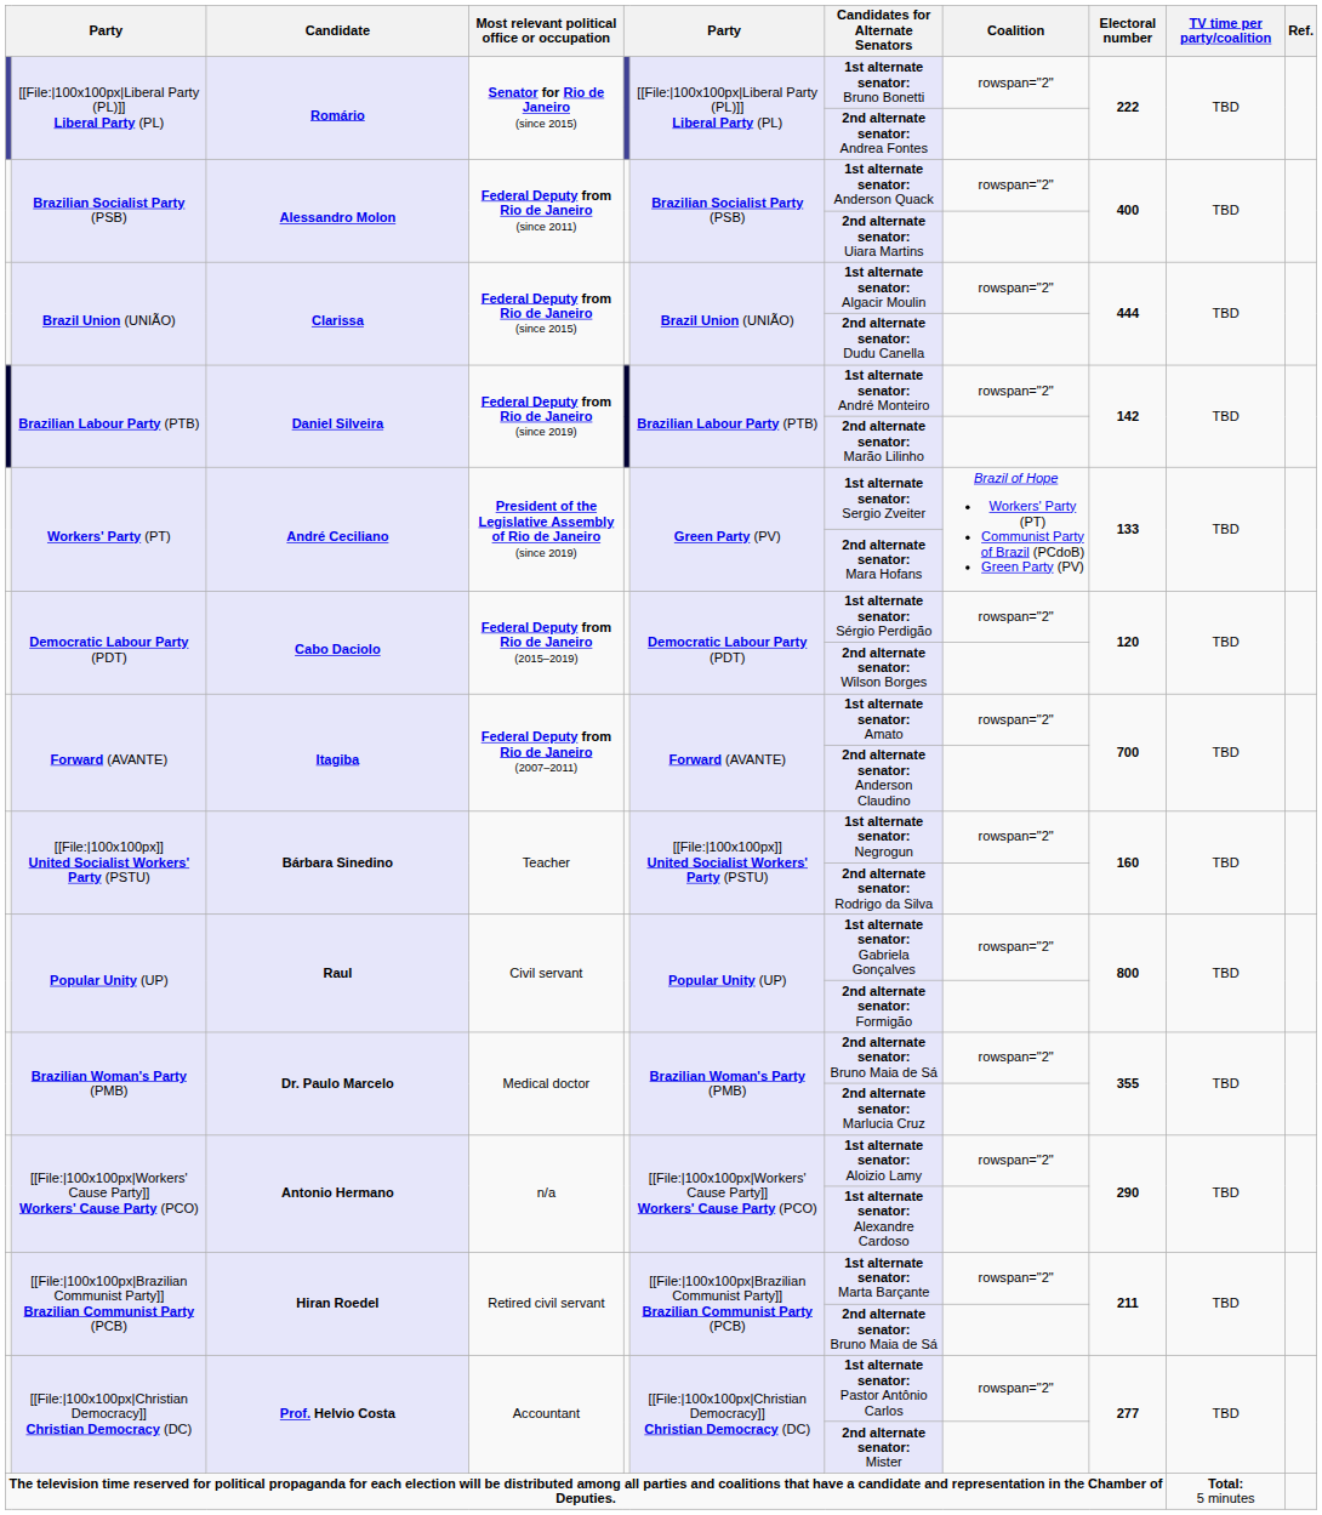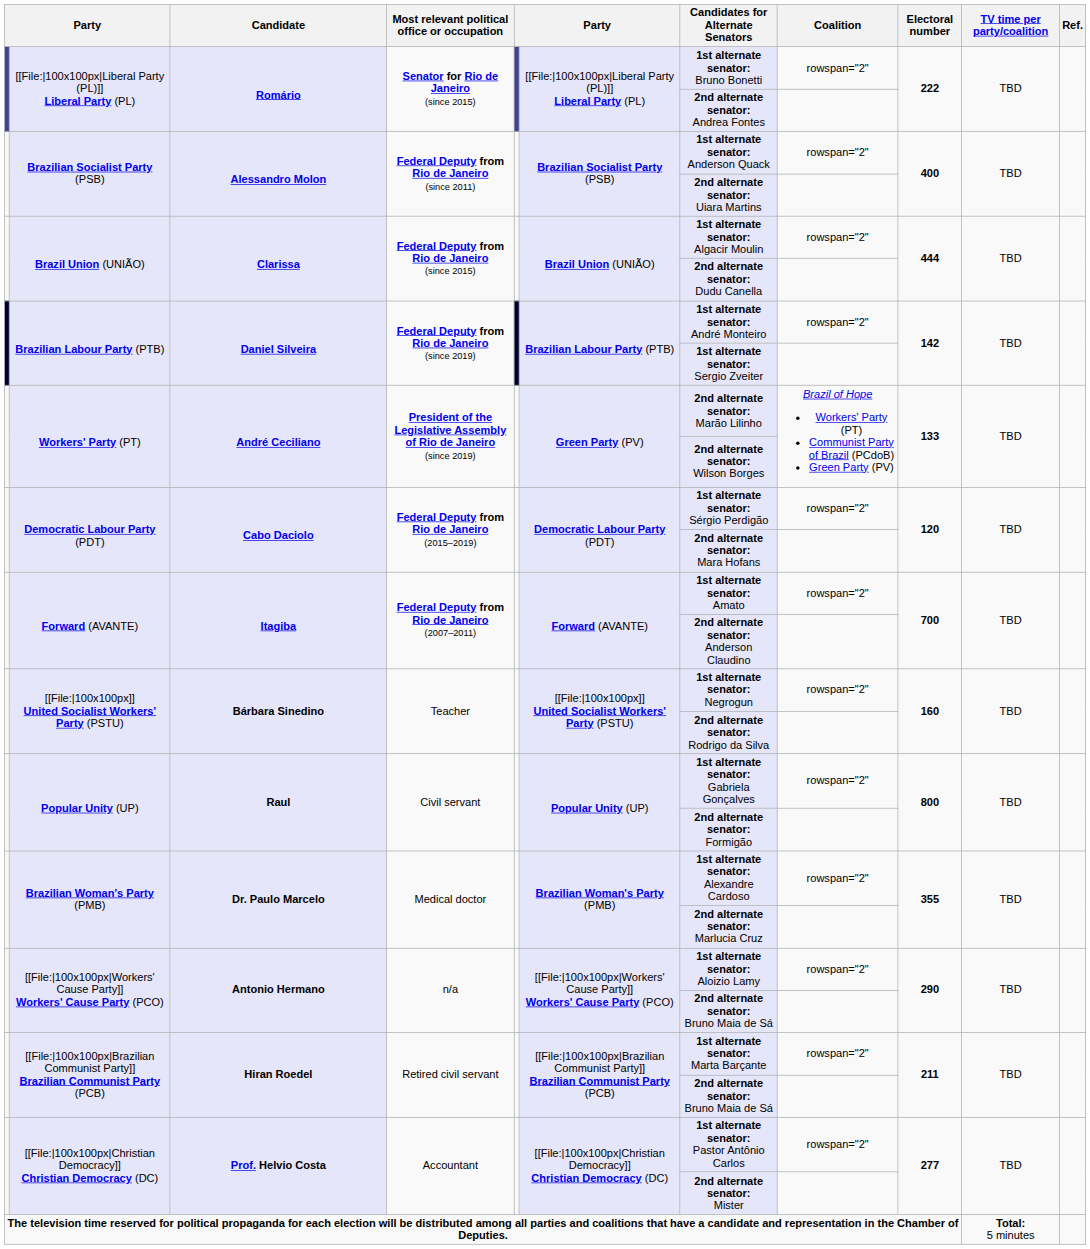 <table class="wikitable" style="text-align:center;">
 <tr>
 <th colspan="2">Party</th>
 <th style="width:20%;">Candidate</th>
 <th>Most relevant political office or occupation</th>
 <th colspan="2">Party</th>
 <th>Candidates for Alternate Senators</th>
 <th>Coalition</th>
 <th>Electoral number</th>
 <th><a href='#'>TV time per party/coalition</a></th>
 <th>Ref.</th>
 </tr>
 <tr>
 <td rowspan="2" style="background-color:#3f4196;"></td>
 <td rowspan="2" style="background:lavender;">[[File:|100x100px|Liberal Party (PL)]]<br><strong><a href='#'>Liberal Party</a></strong> (PL)</td>
 <td rowspan="2" style="background:lavender;"><br><strong><a href='#'>Romário</a></strong></td>
 <td rowspan="2"><strong><a href='#'>Senator</a> for <a href='#'>Rio de Janeiro</a></strong><br><small>(since 2015)</small></td>
 <td rowspan="2" style="background-color:#3f4196;"></td>
 <td rowspan="2" style="background:lavender;">[[File:|100x100px|Liberal Party (PL)]]<br><strong><a href='#'>Liberal Party</a></strong> (PL)</td>
 <td style="background:lavender;"><strong>1st alternate senator:</strong><br>Bruno Bonetti</td>
 <td>rowspan="2" </td>
 <td rowspan="2"><strong>222</strong></td>
 <td rowspan="2">TBD</td>
 <td rowspan="2"></td>
 </tr>
 <tr>
 <td style="background:lavender;"><strong>2nd alternate senator:</strong><br>Andrea Fontes</td>
 </tr>
 <tr>
 <td rowspan="2" style="background-color:"></td>
 <td rowspan="2" style="background:lavender;"><strong><a href='#'>Brazilian Socialist Party</a></strong> (PSB)</td>
 <td rowspan="2" style="background:lavender;"><br><strong><a href='#'>Alessandro Molon</a></strong></td>
 <td rowspan="2"><strong><a href='#'>Federal Deputy</a> from <a href='#'>Rio de Janeiro</a></strong><br><small>(since 2011)</small></td>
 <td rowspan="2" style="background-color:"></td>
 <td rowspan="2" style="background:lavender;"><strong><a href='#'>Brazilian Socialist Party</a></strong> (PSB)</td>
 <td style="background:lavender;"><strong>1st alternate senator:</strong><br>Anderson Quack</td>
 <td>rowspan="2" </td>
 <td rowspan="2"><strong>400</strong></td>
 <td rowspan="2">TBD</td>
 <td rowspan="2"></td>
 </tr>
 <tr>
 <td style="background:lavender;"><strong>2nd alternate senator:</strong><br>Uiara Martins</td>
 </tr>
 <tr>
 <td rowspan="2" style="background-color:"></td>
 <td rowspan="2" style="background:lavender;"><strong><br><a href='#'>Brazil Union</a></strong> (UNIÃO)</td>
 <td rowspan="2" style="background:lavender;"><br><strong><a href='#'>Clarissa</a></strong></td>
 <td rowspan="2"><strong><a href='#'>Federal Deputy</a> from <a href='#'>Rio de Janeiro</a></strong><br><small>(since 2015)</small></td>
 <td rowspan="2" style="background-color:"></td>
 <td rowspan="2" style="background:lavender;"><strong><br><a href='#'>Brazil Union</a></strong> (UNIÃO)</td>
 <td style="background:lavender;"><strong>1st alternate senator:</strong><br>Algacir Moulin</td>
 <td>rowspan="2" </td>
 <td rowspan="2"><strong>444</strong></td>
 <td rowspan="2">TBD</td>
 <td rowspan="2"></td>
 </tr>
 <tr>
 <td style="background:lavender;"><strong>2nd alternate senator:</strong><br>Dudu Canella</td>
 </tr>
 <tr>
 <td rowspan="2" style="background-color:#003"></td>
 <td rowspan="2" style="background:lavender;"><br><strong><a href='#'>Brazilian Labour Party</a></strong> (PTB)</td>
 <td rowspan="2" style="background:lavender;"><br><strong><a href='#'>Daniel Silveira</a></strong></td>
 <td rowspan="2"><strong><a href='#'>Federal Deputy</a> from <a href='#'>Rio de Janeiro</a></strong><br><small>(since 2019)</small></td>
 <td rowspan="2" style="background-color:#003"></td>
 <td rowspan="2" style="background:lavender;"><br><strong><a href='#'>Brazilian Labour Party</a></strong> (PTB)</td>
 <td style="background:lavender;"><strong>1st alternate senator:</strong><br>André Monteiro</td>
 <td>rowspan="2" </td>
 <td rowspan="2"><strong>142</strong></td>
 <td rowspan="2">TBD</td>
 <td rowspan="2"></td>
 </tr>
 <tr>
-<td style="background:lavender;"><strong>2nd alternate senator:</strong><br>Marão Lilinho</td>
+<td style="background:lavender;"><strong>1st alternate senator:</strong><br>Sergio Zveiter</td>
 </tr>
 <tr>
 <td rowspan="2" style="background-color:"></td>
 <td rowspan="2" style="background:lavender;"><br><strong><a href='#'>Workers' Party</a></strong> (PT)</td>
 <td rowspan="2" style="background:lavender;"><br><strong><a href='#'>André Ceciliano</a></strong></td>
 <td rowspan="2"><strong><a href='#'>President of the Legislative Assembly of Rio de Janeiro</a></strong><br><small>(since 2019)</small></td>
 <td rowspan="2" style="background-color:"></td>
 <td rowspan="2" style="background:lavender;"><br><strong><a href='#'>Green Party</a></strong> (PV)</td>
-<td style="background:lavender;"><strong>1st alternate senator:</strong><br>Sergio Zveiter</td>
+<td style="background:lavender;"><strong>2nd alternate senator:</strong><br>Marão Lilinho</td>
 <td rowspan="2"><em><a href='#'>Brazil of Hope</a></em><br><ul><li><a href='#'>Workers' Party</a> (PT)</li><li><a href='#'>Communist Party of Brazil</a> (PCdoB)</li><li><a href='#'>Green Party</a> (PV)</li></ul></td>
 <td rowspan="2"><strong>133</strong></td>
 <td rowspan="2">TBD</td>
 <td rowspan="2"></td>
 </tr>
 <tr>
-<td style="background:lavender;"><strong>2nd alternate senator:</strong> <br>Mara Hofans</td>
+<td style="background:lavender;"><strong>2nd alternate senator:</strong><br>Wilson Borges</td>
 </tr>
 <tr>
 <td rowspan="2" style="background-color:"></td>
 <td rowspan="2" style="background:lavender;"><br><strong><a href='#'>Democratic Labour Party</a></strong> (PDT)</td>
 <td rowspan="2" style="background:lavender;"><br><strong><a href='#'>Cabo Daciolo</a></strong></td>
 <td rowspan="2"><strong><a href='#'>Federal Deputy</a> from <a href='#'>Rio de Janeiro</a></strong><br><small>(2015–2019)</small></td>
 <td rowspan="2" style="background-color:"></td>
 <td rowspan="2" style="background:lavender;"><br><strong><a href='#'>Democratic Labour Party</a></strong> (PDT)</td>
 <td style="background:lavender;"><strong>1st alternate senator:</strong><br>Sérgio Perdigão</td>
 <td>rowspan="2" </td>
 <td rowspan="2"><strong>120</strong></td>
 <td rowspan="2">TBD</td>
 <td rowspan="2"></td>
 </tr>
 <tr>
-<td style="background:lavender;"><strong>2nd alternate senator:</strong><br>Wilson Borges</td>
+<td style="background:lavender;"><strong>2nd alternate senator:</strong> <br>Mara Hofans</td>
 </tr>
 <tr>
 <td rowspan="2" style="background-color:"></td>
 <td rowspan="2" style="background:lavender;"><br><strong><a href='#'>Forward</a></strong> (AVANTE)</td>
 <td rowspan="2" style="background:lavender;"><br><strong><a href='#'>Itagiba</a></strong></td>
 <td rowspan="2"><strong><a href='#'>Federal Deputy</a> from <a href='#'>Rio de Janeiro</a></strong><br><small>(2007–2011)</small></td>
 <td rowspan="2" style="background-color:"></td>
 <td rowspan="2" style="background:lavender;"><br><strong><a href='#'>Forward</a></strong> (AVANTE)</td>
 <td style="background:lavender;"><strong>1st alternate senator:</strong><br>Amato</td>
 <td>rowspan="2" </td>
 <td rowspan="2"><strong>700</strong></td>
 <td rowspan="2">TBD</td>
 <td rowspan="2"></td>
 </tr>
 <tr>
 <td style="background:lavender;"><strong>2nd alternate senator:</strong><br>Anderson Claudino</td>
 </tr>
 <tr>
 <td rowspan="2" style="background-color:"></td>
 <td rowspan="2" style="background:lavender;">[[File:|100x100px]]<br><strong><a href='#'>United Socialist Workers' Party</a></strong> (PSTU)</td>
 <td rowspan="2" style="background:lavender;"><strong>Bárbara Sinedino</strong></td>
 <td rowspan="2">Teacher</td>
 <td rowspan="2" style="background-color:"></td>
 <td rowspan="2" style="background:lavender;">[[File:|100x100px]]<br><strong><a href='#'>United Socialist Workers' Party</a></strong> (PSTU)</td>
 <td style="background:lavender;"><strong>1st alternate senator:</strong> <br>Negrogun</td>
 <td>rowspan="2" </td>
 <td rowspan="2"><strong>160</strong></td>
 <td rowspan="2">TBD</td>
 <td rowspan="2"></td>
 </tr>
 <tr>
 <td style="background:lavender;"><strong>2nd alternate senator:</strong><br>Rodrigo da Silva</td>
 </tr>
 <tr>
 <td rowspan="2" style="background-color:"></td>
 <td rowspan="2" style="background:lavender;"><br><strong><a href='#'>Popular Unity</a></strong> (UP)</td>
 <td rowspan="2" style="background:lavender;"><strong>Raul</strong></td>
 <td rowspan="2">Civil servant</td>
 <td rowspan="2" style="background-color:"></td>
 <td rowspan="2" style="background:lavender;"><br><strong><a href='#'>Popular Unity</a></strong> (UP)</td>
 <td style="background:lavender;"><strong>1st alternate senator:</strong><br>Gabriela Gonçalves</td>
 <td>rowspan="2" </td>
 <td rowspan="2"><strong>800</strong></td>
 <td rowspan="2">TBD</td>
 <td rowspan="2"></td>
 </tr>
 <tr>
 <td style="background:lavender;"><strong>2nd alternate senator:</strong><br>Formigão</td>
 </tr>
 <tr>
 <td rowspan="2" style="background-color:"></td>
 <td rowspan="2" style="background:lavender;"><strong><a href='#'>Brazilian Woman's Party</a></strong> (PMB)</td>
 <td rowspan="2" style="background:lavender;"><strong>Dr. Paulo Marcelo</strong></td>
 <td rowspan="2">Medical doctor</td>
 <td rowspan="2" style="background-color:"></td>
 <td rowspan="2" style="background:lavender;"><strong><a href='#'>Brazilian Woman's Party</a></strong> (PMB)</td>
-<td style="background:lavender;"><strong>2nd alternate senator:</strong><br>Bruno Maia de Sá</td>
+<td style="background:lavender;"><strong>1st alternate senator:</strong><br>Alexandre Cardoso</td>
 <td>rowspan="2" </td>
 <td rowspan="2"><strong>355</strong></td>
 <td rowspan="2">TBD</td>
 <td rowspan="2"></td>
 </tr>
 <tr>
 <td style="background:lavender;"><strong>2nd alternate senator:</strong><br>Marlucia Cruz</td>
 </tr>
 <tr>
 <td rowspan="2" style="background-color:"></td>
 <td rowspan="2" style="background:lavender;">[[File:|100x100px|Workers' Cause Party]]<br><strong><a href='#'>Workers' Cause Party</a></strong> (PCO)</td>
 <td rowspan="2" style="background:lavender;"><strong>Antonio Hermano</strong></td>
 <td rowspan="2">n/a</td>
 <td rowspan="2" style="background-color:"></td>
 <td rowspan="2" style="background:lavender;">[[File:|100x100px|Workers' Cause Party]]<br><strong><a href='#'>Workers' Cause Party</a></strong> (PCO)</td>
 <td style="background:lavender;"><strong>1st alternate senator:</strong><br>Aloizio Lamy</td>
 <td>rowspan="2" </td>
 <td rowspan="2"><strong>290</strong></td>
 <td rowspan="2">TBD</td>
 <td rowspan="2"></td>
 </tr>
 <tr>
-<td style="background:lavender;"><strong>1st alternate senator:</strong><br>Alexandre Cardoso</td>
+<td style="background:lavender;"><strong>2nd alternate senator:</strong><br>Bruno Maia de Sá</td>
 </tr>
 <tr>
 <td rowspan="2" style="background-color:"></td>
 <td rowspan="2" style="background:lavender;">[[File:|100x100px|Brazilian Communist Party]]<br><strong><a href='#'>Brazilian Communist Party</a></strong> (PCB)</td>
 <td rowspan="2" style="background:lavender;"><strong>Hiran Roedel</strong></td>
 <td rowspan="2">Retired civil servant</td>
 <td rowspan="2" style="background-color:"></td>
 <td rowspan="2" style="background:lavender;">[[File:|100x100px|Brazilian Communist Party]]<br><strong><a href='#'>Brazilian Communist Party</a></strong> (PCB)</td>
 <td style="background:lavender;"><strong>1st alternate senator:</strong><br>Marta Barçante</td>
 <td>rowspan="2" </td>
 <td rowspan="2"><strong>211</strong></td>
 <td rowspan="2">TBD</td>
 <td rowspan="2"></td>
 </tr>
 <tr>
 <td style="background:lavender;"><strong>2nd alternate senator:</strong><br>Bruno Maia de Sá</td>
 </tr>
 <tr>
 <td rowspan="2" style="background-color:"></td>
 <td rowspan="2" style="background:lavender;">[[File:|100x100px|Christian Democracy]]<br><strong><a href='#'>Christian Democracy</a></strong> (DC)</td>
 <td rowspan="2" style="background:lavender;"><strong><a href='#'>Prof.</a> Helvio Costa</strong></td>
 <td rowspan="2">Accountant</td>
 <td rowspan="2" style="background-color:"></td>
 <td rowspan="2" style="background:lavender;">[[File:|100x100px|Christian Democracy]]<br><strong><a href='#'>Christian Democracy</a></strong> (DC)</td>
 <td style="background:lavender;"><strong>1st alternate senator:</strong><br>Pastor Antônio Carlos</td>
 <td>rowspan="2" </td>
 <td rowspan="2"><strong>277</strong></td>
 <td rowspan="2">TBD</td>
 <td rowspan="2"></td>
 </tr>
 <tr>
 <td style="background:lavender;"><strong>2nd alternate senator:</strong><br>Mister</td>
 </tr>
 <tr>
 <td colspan="9"><strong>The television time reserved for political propaganda for each election will be distributed among all parties and coalitions that have a candidate and representation in the Chamber of Deputies.</strong></td>
 <td><strong>Total:</strong> <br>5 minutes</td>
 <td></td>
 </tr>
 </table>
